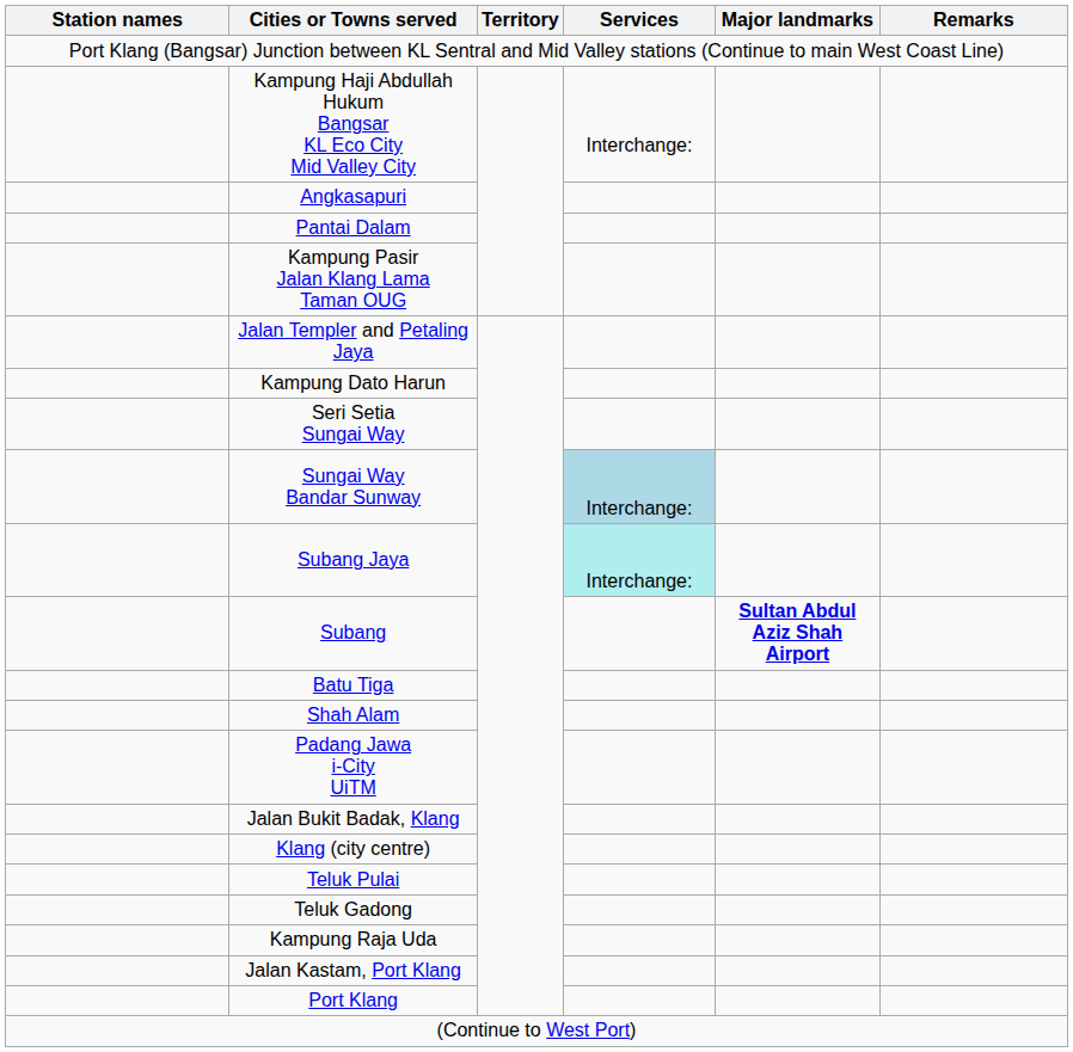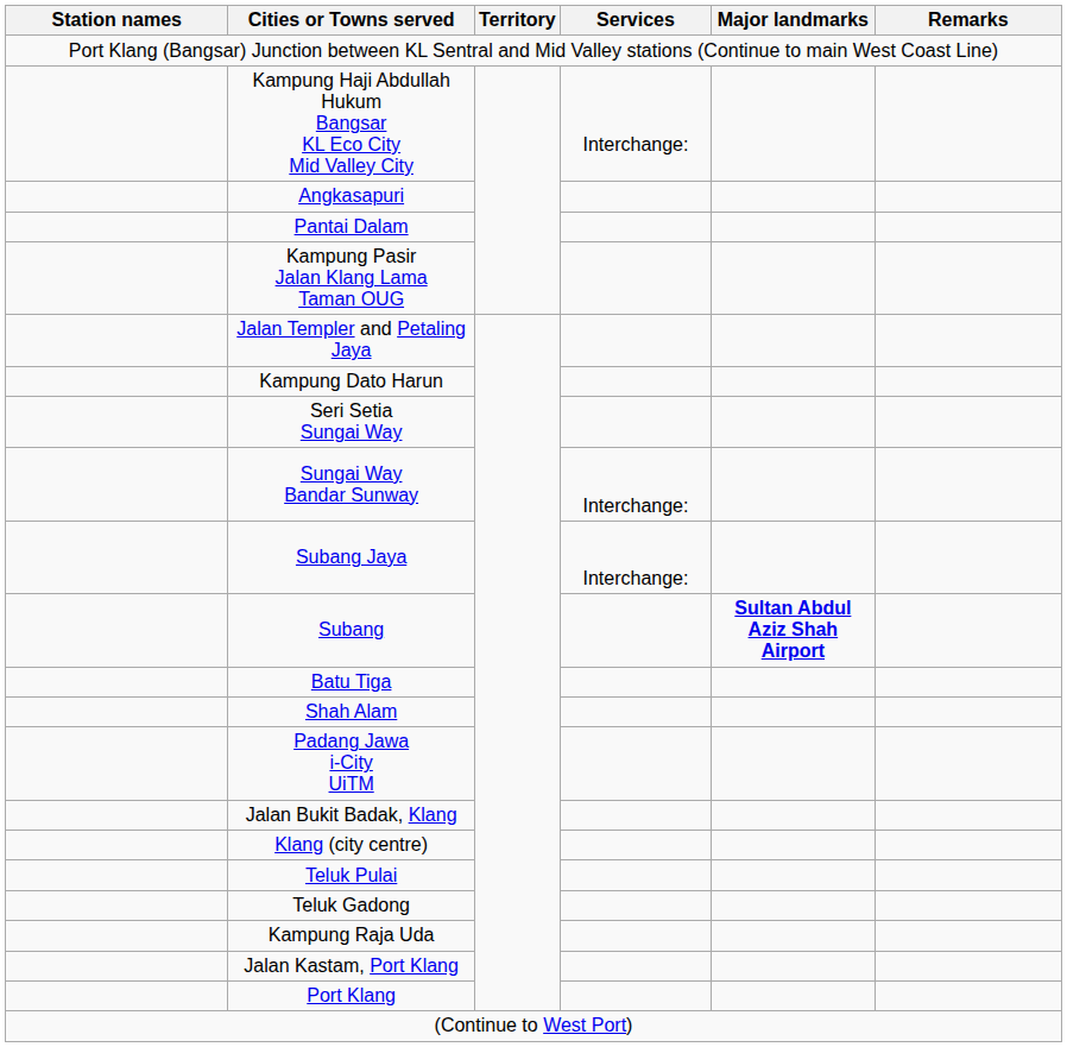 <table class="wikitable"  style="margin:auto;">
 <tr>
 <th style="width:180px;">Station names</th>
 <th style="width:200px;">Cities or Towns served</th>
 <th>Territory</th>
 <th style="width:120px;">Services</th>
 <th style="width:130px;">Major landmarks</th>
 <th style="width:150px;">Remarks</th>
 </tr>
 <tr>
 <td colspan="6" style="text-align:center;">Port Klang (Bangsar) Junction between KL Sentral and Mid Valley stations (Continue to main West Coast Line)</td>
 </tr>
 <tr>
 <td style="text-align:center;"></td>
 <td style="text-align:center;">Kampung Haji Abdullah Hukum<br><a href='#'>Bangsar</a><br><a href='#'>KL Eco City</a><br><a href='#'>Mid Valley City</a></td>
 <td rowspan="4"></td>
 <td style="text-align:center;"><br><br>Interchange:<br>  </td>
 <td></td>
 <td></td>
 </tr>
 <tr>
 <td style="text-align:center;"></td>
 <td style="text-align:center;"><a href='#'>Angkasapuri</a></td>
 <td style="text-align:center;"></td>
 <td></td>
 <td></td>
 </tr>
 <tr>
 <td style="text-align:center;"></td>
 <td style="text-align:center;"><a href='#'>Pantai Dalam</a></td>
 <td style="text-align:center;"></td>
 <td></td>
 <td></td>
 </tr>
 <tr>
 <td style="text-align:center;"></td>
 <td style="text-align:center;">Kampung Pasir<br><a href='#'>Jalan Klang Lama</a><br><a href='#'>Taman OUG</a></td>
 <td style="text-align:center;"></td>
 <td></td>
 <td></td>
 </tr>
 <tr>
 <td style="text-align:center;"></td>
 <td style="text-align:center;"><a href='#'>Jalan Templer</a> and <a href='#'>Petaling Jaya</a></td>
 <td rowspan="16"></td>
 <td style="text-align:center;"></td>
 <td></td>
 <td></td>
 </tr>
 <tr>
 <td style="text-align:center;"></td>
 <td style="text-align:center;">Kampung Dato Harun</td>
 <td style="text-align:center;"></td>
 <td></td>
 <td></td>
 </tr>
 <tr>
 <td style="text-align:center;"></td>
 <td style="text-align:center;">Seri Setia<br><a href='#'>Sungai Way</a></td>
 <td style="text-align:center;"></td>
 <td></td>
 <td></td>
 </tr>
 <tr>
 <td style="text-align:center;"></td>
 <td style="text-align:center;"><a href='#'>Sungai Way</a><br><a href='#'>Bandar Sunway</a></td>
-<td style="background: lightblue; text-align:center;"><br><br>Interchange: <br></td>
+<td style="text-align:center;"><br><br>Interchange: <br></td>
 <td></td>
 <td></td>
 </tr>
 <tr>
 <td style="text-align:center;"></td>
 <td style="text-align:center;"><a href='#'>Subang Jaya</a></td>
-<td style="background: paleturquoise; text-align:center;"> <br><br>Interchange:<br></td>
+<td style="text-align:center;"> <br><br>Interchange:<br></td>
 <td></td>
 <td></td>
 </tr>
 <tr>
 <td style="text-align:center;"></td>
 <td style="text-align:center;"><a href='#'>Subang</a></td>
 <td style="text-align:center;"></td>
 <td style="text-align:center;"><strong><a href='#'>Sultan Abdul Aziz Shah Airport</a></strong></td>
 <td></td>
 </tr>
 <tr>
 <td style="text-align:center;"></td>
 <td style="text-align:center;"><a href='#'>Batu Tiga</a></td>
 <td style="text-align:center;"></td>
 <td></td>
 <td></td>
 </tr>
 <tr>
 <td style="text-align:center;"></td>
 <td style="text-align:center;"><a href='#'>Shah Alam</a></td>
 <td style="text-align:center;"></td>
 <td></td>
 <td></td>
 </tr>
 <tr>
 <td style="text-align:center;"></td>
 <td style="text-align:center;"><a href='#'>Padang Jawa</a><br><a href='#'>i-City</a><br><a href='#'>UiTM</a></td>
 <td style="text-align:center;"></td>
 <td></td>
 <td></td>
 </tr>
 <tr>
 <td style="text-align:center;"></td>
 <td style="text-align:center;">Jalan Bukit Badak, <a href='#'>Klang</a></td>
 <td style="text-align:center;"></td>
 <td></td>
 <td></td>
 </tr>
 <tr>
 <td style="text-align:center;"></td>
 <td style="text-align:center;"><a href='#'>Klang</a> (city centre)</td>
 <td style="text-align:center;"></td>
 <td></td>
 <td></td>
 </tr>
 <tr>
 <td style="text-align:center;"></td>
 <td style="text-align:center;"><a href='#'>Teluk Pulai</a></td>
 <td style="text-align:center;"></td>
 <td></td>
 <td></td>
 </tr>
 <tr>
 <td style="text-align:center;"></td>
 <td style="text-align:center;">Teluk Gadong</td>
 <td style="text-align:center;"></td>
 <td></td>
 <td></td>
 </tr>
 <tr>
 <td style="text-align:center;"></td>
 <td style="text-align:center;">Kampung Raja Uda</td>
 <td style="text-align:center;"></td>
 <td></td>
 <td></td>
 </tr>
 <tr>
 <td style="text-align:center;"></td>
 <td style="text-align:center;">Jalan Kastam, <a href='#'>Port Klang</a></td>
 <td style="text-align:center;"></td>
 <td></td>
 <td></td>
 </tr>
 <tr>
 <td style="text-align:center;"></td>
 <td style="text-align:center;"><a href='#'>Port Klang</a></td>
 <td style="text-align:center;"></td>
 <td></td>
 <td></td>
 </tr>
 <tr>
 <td colspan="6" style="text-align:center;">(Continue to <a href='#'>West Port</a>)</td>
 </tr>
 </table>
